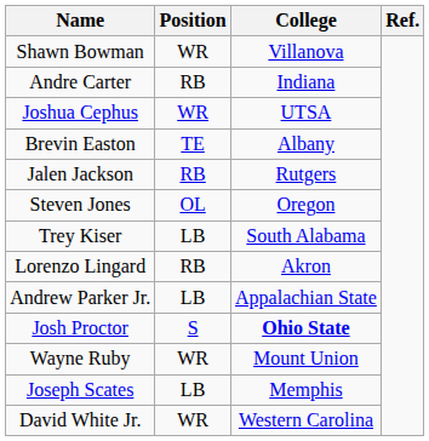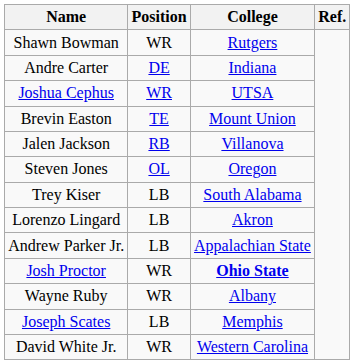 <table class="wikitable" style="text-align:center">
 <tr>
 <th>Name</th>
 <th>Position</th>
 <th>College</th>
 <th>Ref.</th>
 </tr>
 <tr>
 <td>Shawn Bowman</td>
 <td>WR</td>
-<td><a href='#'>Villanova</a></td>
+<td><a href='#'>Rutgers</a></td>
 <td rowspan="13"></td>
 </tr>
 <tr>
 <td>Andre Carter</td>
-<td>RB</td>
+<td><a href='#'>DE</a></td>
 <td><a href='#'>Indiana</a></td>
 </tr>
 <tr>
 <td><a href='#'>Joshua Cephus</a></td>
 <td><a href='#'>WR</a></td>
 <td><a href='#'>UTSA</a></td>
 </tr>
 <tr>
 <td>Brevin Easton</td>
 <td><a href='#'>TE</a></td>
-<td><a href='#'>Albany</a></td>
+<td><a href='#'>Mount Union</a></td>
 </tr>
 <tr>
 <td>Jalen Jackson</td>
 <td><a href='#'>RB</a></td>
-<td><a href='#'>Rutgers</a></td>
+<td><a href='#'>Villanova</a></td>
 </tr>
 <tr>
 <td>Steven Jones</td>
 <td><a href='#'>OL</a></td>
 <td><a href='#'>Oregon</a></td>
 </tr>
 <tr>
 <td>Trey Kiser</td>
 <td>LB</td>
 <td><a href='#'>South Alabama</a></td>
 </tr>
 <tr>
 <td>Lorenzo Lingard</td>
-<td>RB</td>
+<td>LB</td>
 <td><a href='#'>Akron</a></td>
 </tr>
 <tr>
 <td>Andrew Parker Jr.</td>
 <td>LB</td>
 <td><a href='#'>Appalachian State</a></td>
 </tr>
 <tr>
 <td><a href='#'>Josh Proctor</a></td>
-<td><a href='#'>S</a></td>
+<td>WR</td>
 <td><strong><a href='#'>Ohio State</a></strong></td>
 </tr>
 <tr>
 <td>Wayne Ruby</td>
 <td>WR</td>
-<td><a href='#'>Mount Union</a></td>
+<td><a href='#'>Albany</a></td>
 </tr>
 <tr>
 <td><a href='#'>Joseph Scates</a></td>
 <td>LB</td>
 <td><a href='#'>Memphis</a></td>
 </tr>
 <tr>
 <td>David White Jr.</td>
 <td>WR</td>
 <td><a href='#'>Western Carolina</a></td>
 </tr>
 </table>
